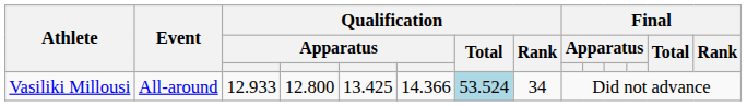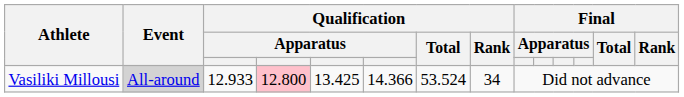 <table class="wikitable" style="font-size:90%">
 <tr>
 <th rowspan=3>Athlete</th>
 <th rowspan=3>Event</th>
 <th colspan =6>Qualification</th>
 <th colspan =6>Final</th>
 </tr>
 <tr style="font-size:95%">
 <th colspan=4>Apparatus</th>
 <th rowspan=2>Total</th>
 <th rowspan=2>Rank</th>
 <th colspan=4>Apparatus</th>
 <th rowspan=2>Total</th>
 <th rowspan=2>Rank</th>
 </tr>
 <tr style="font-size:95%">
 <th></th>
 <th></th>
 <th></th>
 <th></th>
 <th></th>
 <th></th>
 <th></th>
 <th></th>
 </tr>
 <tr align=center>
 <td align=left><a href='#'>Vasiliki Millousi</a></td>
-<td align=left><a href='#'>All-around</a></td>
+<td align=left style="background: lightgrey;"><a href='#'>All-around</a></td>
 <td>12.933</td>
-<td>12.800</td>
+<td style="background: pink;">12.800</td>
 <td>13.425</td>
 <td>14.366</td>
-<td style="background: lightblue;">53.524</td>
+<td>53.524</td>
 <td>34</td>
 <td colspan=6>Did not advance</td>
 </tr>
 </table>
